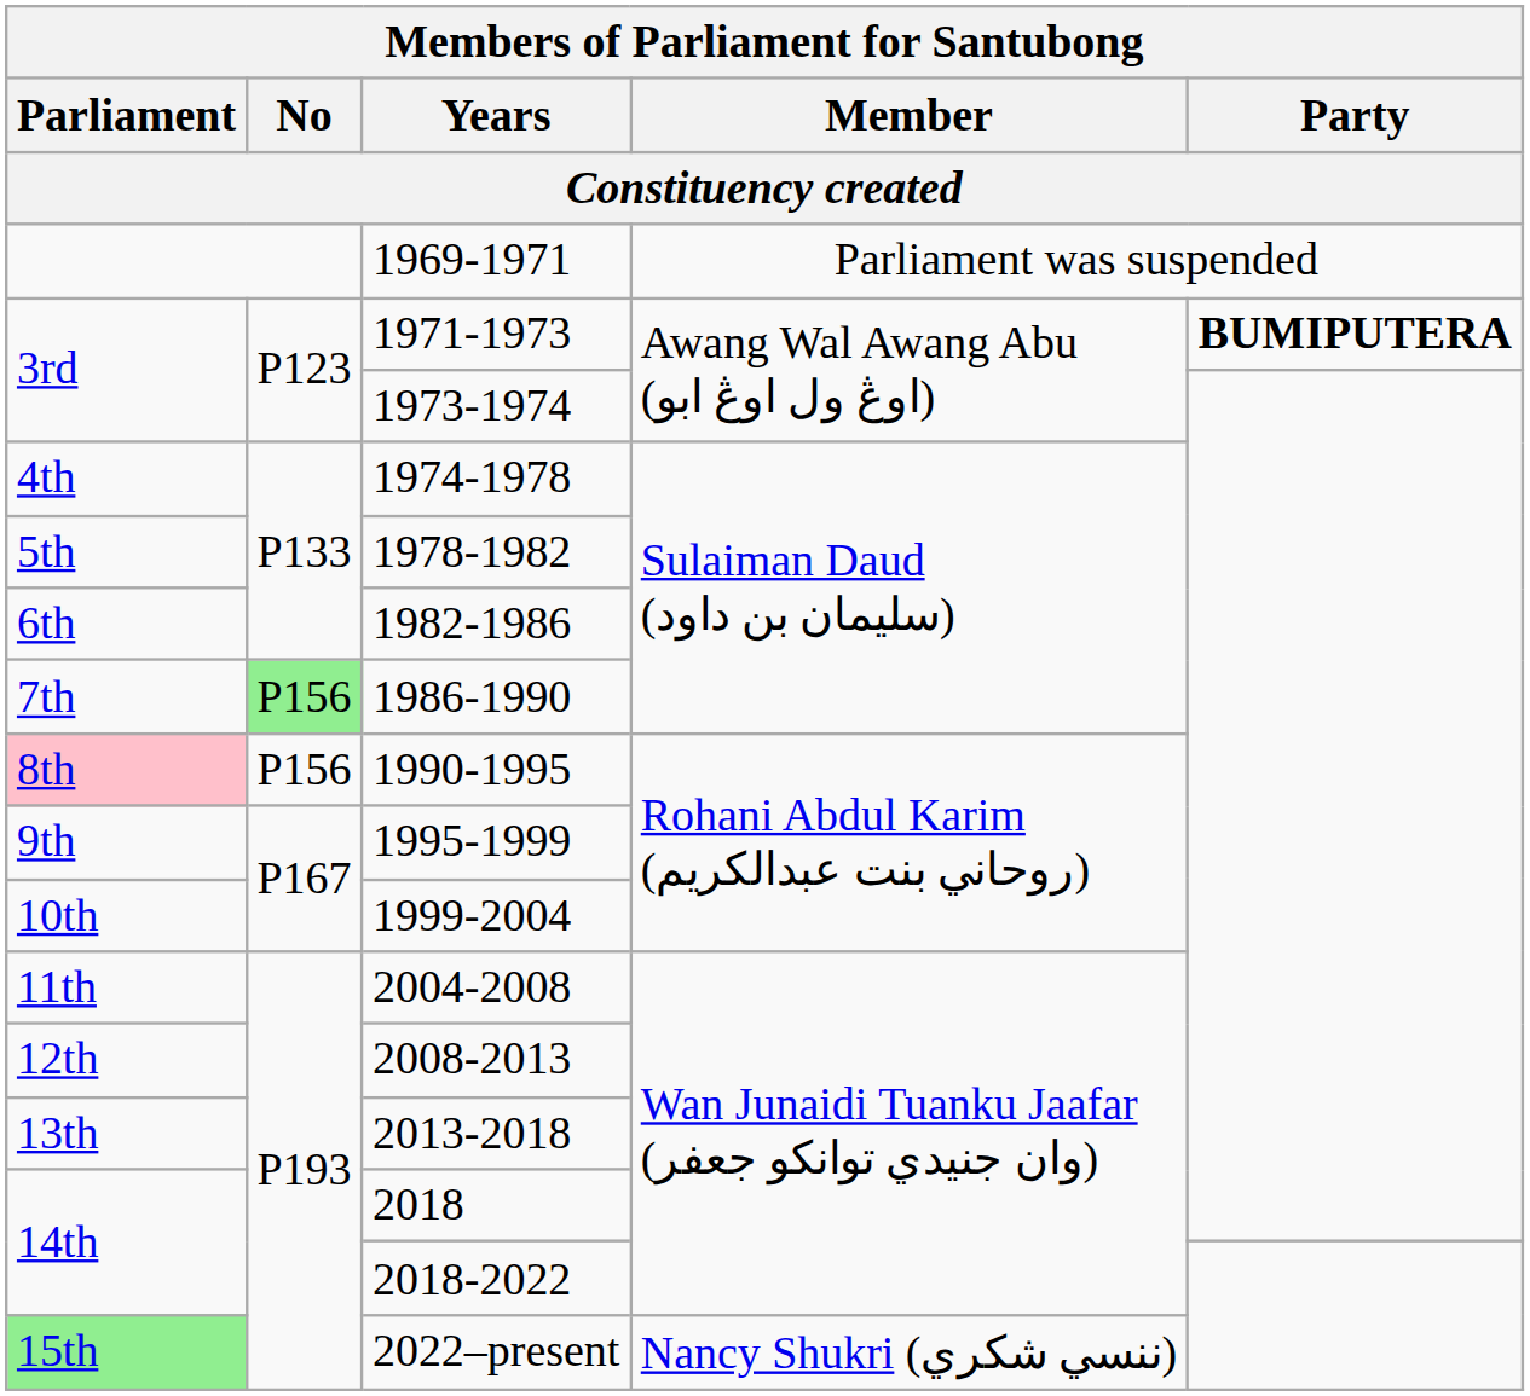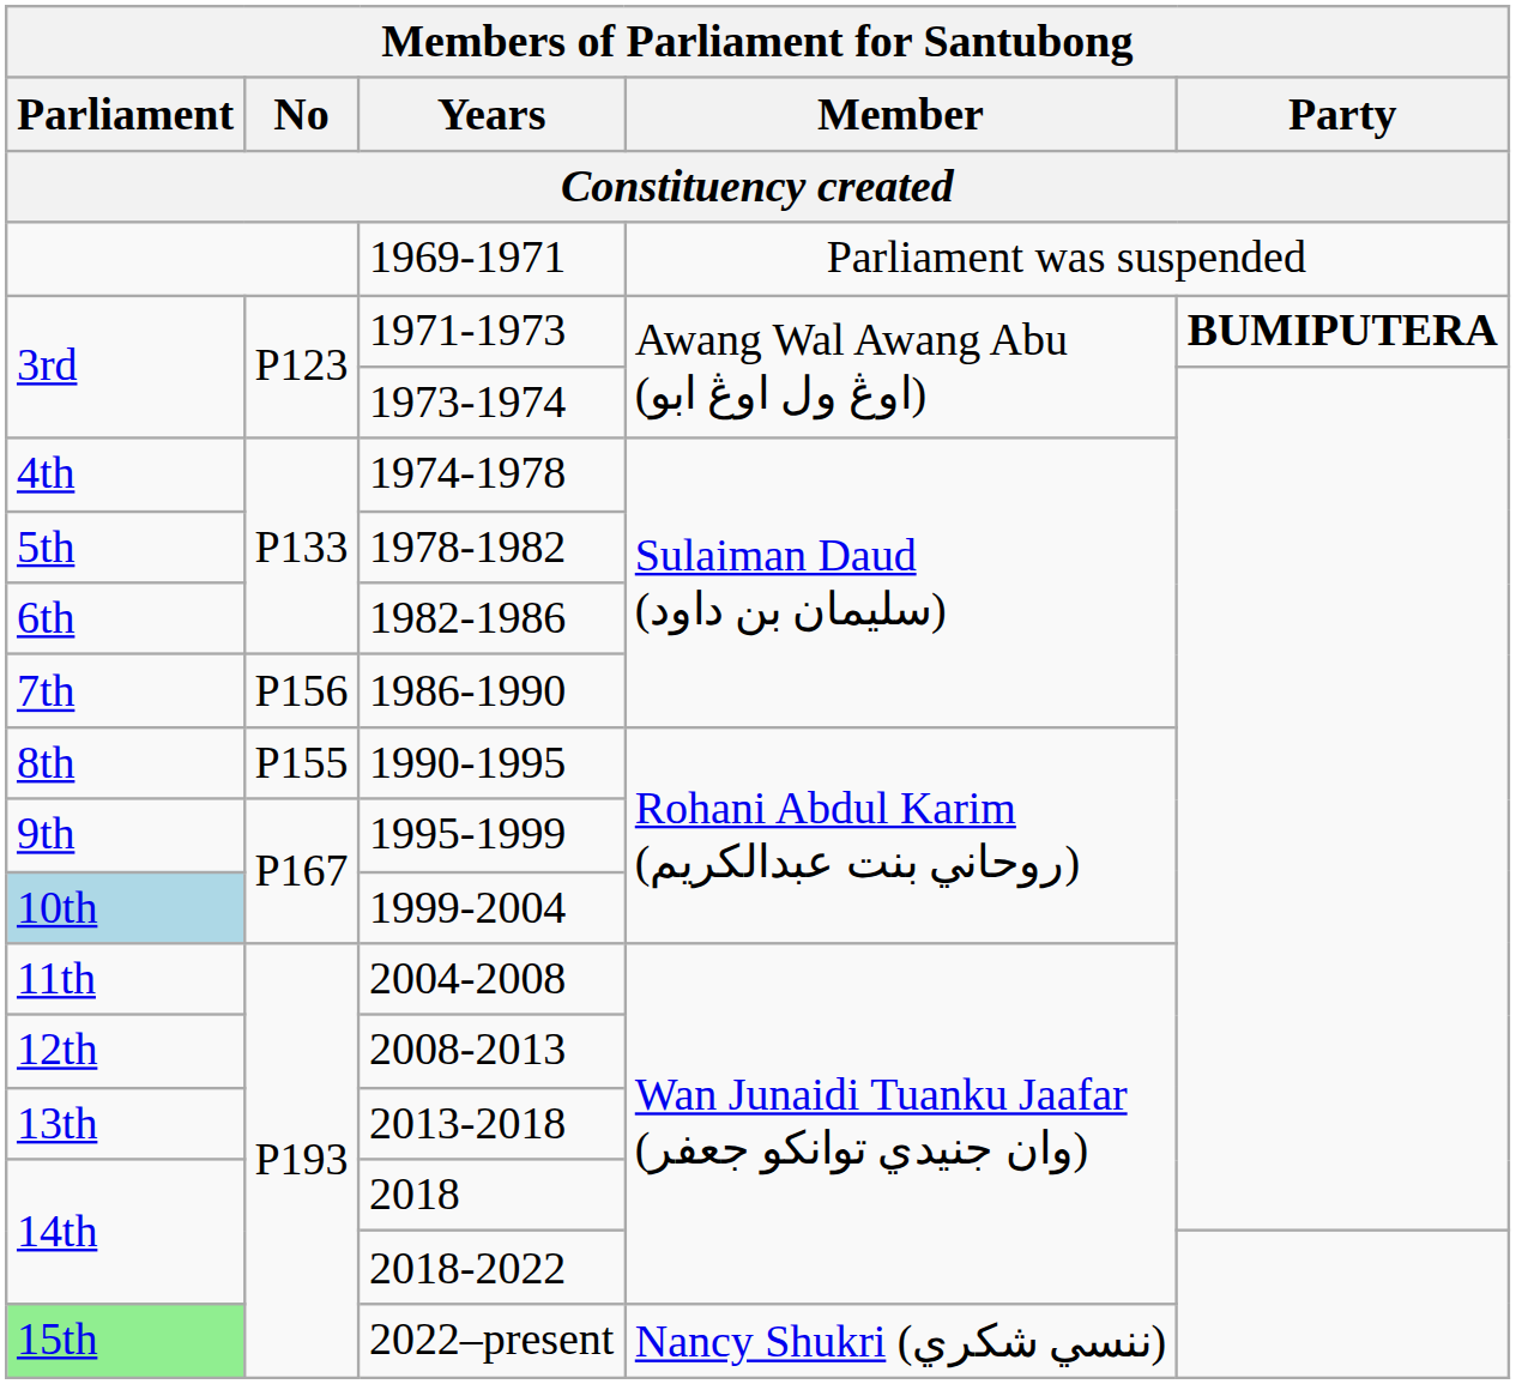 <table class=wikitable>
 <tr>
 <th colspan="5">Members of Parliament for Santubong</th>
 </tr>
 <tr>
 <th>Parliament</th>
 <th>No</th>
 <th>Years</th>
 <th>Member</th>
 <th>Party</th>
 </tr>
 <tr>
 <th colspan="5" align="center"><em>Constituency created</em></th>
 </tr>
 <tr>
 <td colspan="2"></td>
 <td>1969-1971</td>
 <td colspan=2 align=center>Parliament was suspended</td>
 </tr>
 <tr>
 <td rowspan=2><a href='#'>3rd</a></td>
 <td rowspan="2">P123</td>
 <td>1971-1973</td>
 <td rowspan=2>Awang Wal Awang Abu <br> (اوڠ ول اوڠ ابو)</td>
 <td><strong>BUMIPUTERA</strong></td>
 </tr>
 <tr>
 <td>1973-1974</td>
 <td rowspan=12></td>
 </tr>
 <tr>
 <td><a href='#'>4th</a></td>
 <td rowspan="3">P133</td>
 <td>1974-1978</td>
 <td rowspan=4><a href='#'>Sulaiman Daud</a> <br> (سليمان بن داود)</td>
 </tr>
 <tr>
 <td><a href='#'>5th</a></td>
 <td>1978-1982</td>
 </tr>
 <tr>
 <td><a href='#'>6th</a></td>
 <td>1982-1986</td>
 </tr>
 <tr>
 <td><a href='#'>7th</a></td>
-<td style="background: lightgreen;">P156</td>
+<td>P156</td>
 <td>1986-1990</td>
 </tr>
 <tr>
-<td style="background: pink;"><a href='#'>8th</a></td>
-<td>P156</td>
+<td><a href='#'>8th</a></td>
+<td>P155</td>
 <td>1990-1995</td>
 <td rowspan=3><a href='#'>Rohani Abdul Karim</a> <br> (روحاني بنت عبدالكريم)</td>
 </tr>
 <tr>
 <td><a href='#'>9th</a></td>
 <td rowspan="2">P167</td>
 <td>1995-1999</td>
 </tr>
 <tr>
-<td><a href='#'>10th</a></td>
+<td style="background: lightblue;"><a href='#'>10th</a></td>
 <td>1999-2004</td>
 </tr>
 <tr>
 <td><a href='#'>11th</a></td>
 <td rowspan="6">P193</td>
 <td>2004-2008</td>
 <td rowspan=5><a href='#'>Wan Junaidi Tuanku Jaafar</a> <br> (وان جنيدي توانكو جعفر‎)</td>
 </tr>
 <tr>
 <td><a href='#'>12th</a></td>
 <td>2008-2013</td>
 </tr>
 <tr>
 <td><a href='#'>13th</a></td>
 <td>2013-2018</td>
 </tr>
 <tr>
 <td rowspan=2><a href='#'>14th</a></td>
 <td>2018</td>
 </tr>
 <tr>
 <td>2018-2022</td>
 <td rowspan=2></td>
 </tr>
 <tr>
 <td style="background: lightgreen;"><a href='#'>15th</a></td>
 <td>2022–present</td>
 <td><a href='#'>Nancy Shukri</a> (ننسي شكري‎)</td>
 </tr>
 </table>
